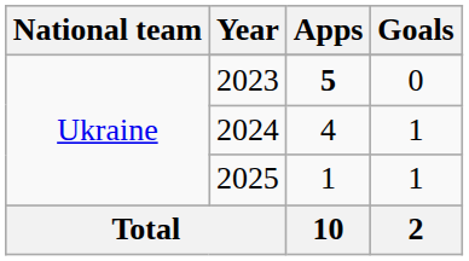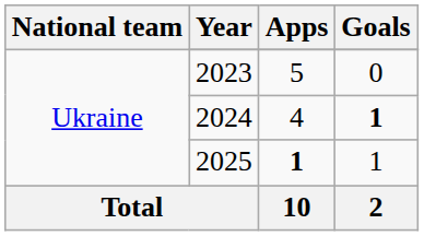 <table class=wikitable style=text-align:center>
 <tr>
 <th>National team</th>
 <th>Year</th>
 <th>Apps</th>
 <th>Goals</th>
 </tr>
 <tr>
 <td rowspan=4><a href='#'>Ukraine</a></td>
 </tr>
 <tr>
 <td>2023</td>
-<td><strong>5</strong></td>
+<td>5</td>
 <td>0</td>
 </tr>
 <tr>
 <td>2024</td>
 <td>4</td>
-<td>1</td>
+<td><strong>1</strong></td>
 </tr>
 <tr>
 <td>2025</td>
-<td>1</td>
+<td><strong>1</strong></td>
 <td>1</td>
 </tr>
 <tr>
 <th colspan=2>Total</th>
 <th>10</th>
 <th>2</th>
 </tr>
 </table>
